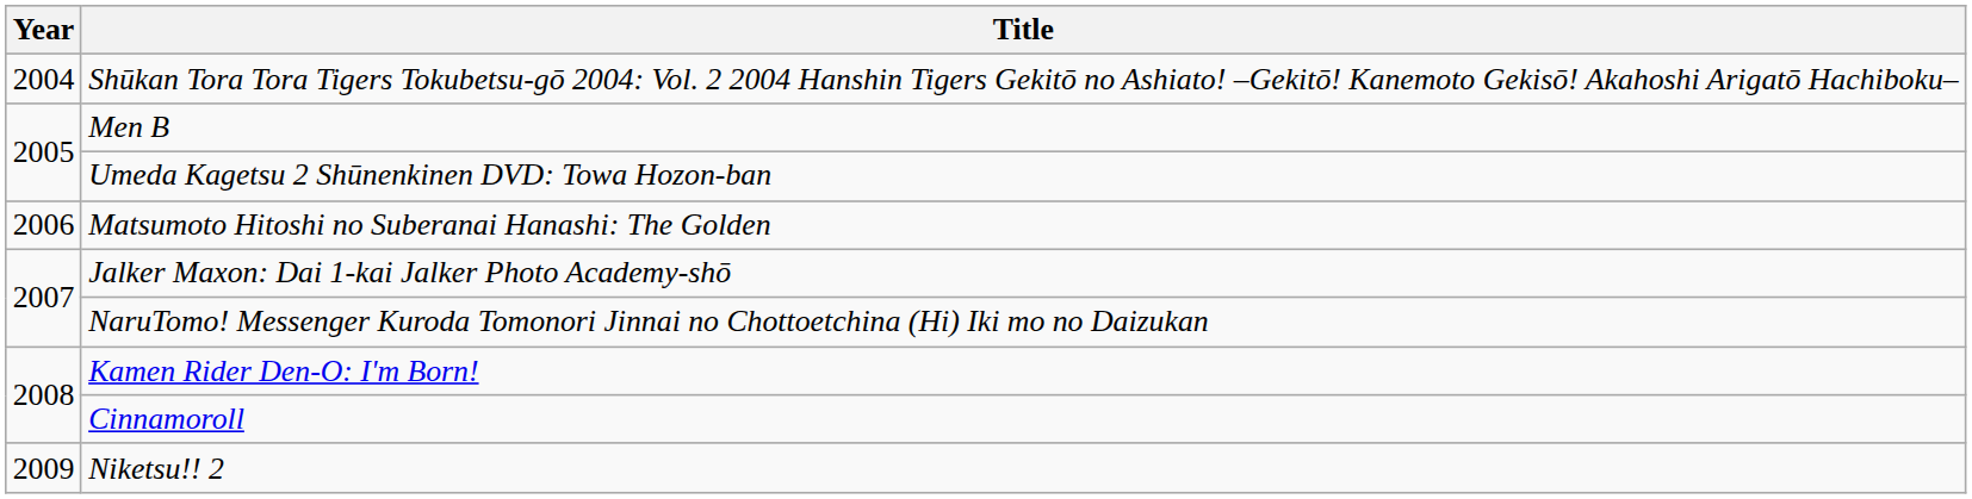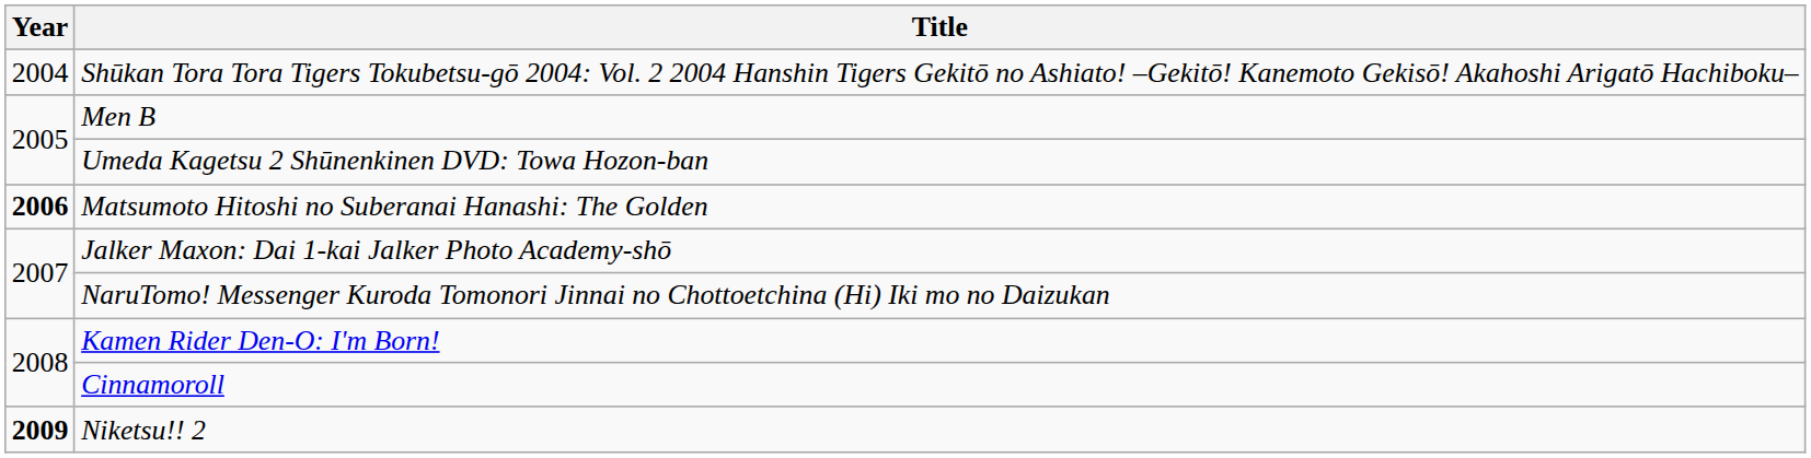 <table class="wikitable">
 <tr>
 <th>Year</th>
 <th>Title</th>
 </tr>
 <tr>
 <td>2004</td>
 <td><em>Shūkan Tora Tora Tigers Tokubetsu-gō 2004: Vol. 2 2004 Hanshin Tigers Gekitō no Ashiato! –Gekitō! Kanemoto Gekisō! Akahoshi Arigatō Hachiboku–</em></td>
 </tr>
 <tr>
 <td rowspan="2">2005</td>
 <td><em>Men B</em></td>
 </tr>
 <tr>
 <td><em>Umeda Kagetsu 2 Shūnenkinen DVD: Towa Hozon-ban</em></td>
 </tr>
 <tr>
-<td>2006</td>
+<td><strong>2006</strong></td>
 <td><em>Matsumoto Hitoshi no Suberanai Hanashi: The Golden</em></td>
 </tr>
 <tr>
 <td rowspan="2">2007</td>
 <td><em>Jalker Maxon: Dai 1-kai Jalker Photo Academy-shō</em></td>
 </tr>
 <tr>
 <td><em>NaruTomo! Messenger Kuroda Tomonori Jinnai no Chottoetchina (Hi) Iki mo no Daizukan</em></td>
 </tr>
 <tr>
 <td rowspan="2">2008</td>
 <td><em><a href='#'>Kamen Rider Den-O: I'm Born!</a></em></td>
 </tr>
 <tr>
 <td><em><a href='#'>Cinnamoroll</a></em></td>
 </tr>
 <tr>
-<td>2009</td>
+<td><strong>2009</strong></td>
 <td><em>Niketsu!! 2</em></td>
 </tr>
 </table>
